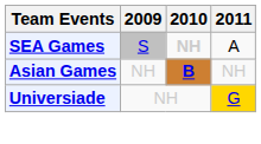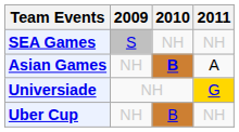 <table class="wikitable" style="font-size: 90%; text-align:center">
 <tr>
 <th>Team Events</th>
 <th>2009</th>
 <th>2010</th>
 <th>2011</th>
 </tr>
 <tr>
 <td bgcolor="#ECF2FF"; align="left"><strong><a href='#'>SEA Games</a></strong></td>
 <td bgcolor=silver><a href='#'>S</a></td>
-<td style="color:#ccc;"><strong>NH</strong></td>
-<td>A</td>
+<td style="color:#ccc;">NH</td>
+<td style="color:#ccc;">NH</td>
 </tr>
 <tr>
 <td bgcolor="#ECF2FF"; align="left"><strong><a href='#'>Asian Games</a></strong></td>
 <td style="color:#ccc;">NH</td>
 <td bgcolor=CD7F32><strong><a href='#'>B</a></strong></td>
-<td style="color:#ccc;">NH</td>
+<td>A</td>
 </tr>
 <tr>
 <td bgcolor="#ECF2FF"; align="left"><strong><a href='#'>Universiade</a></strong></td>
 <td colspan="2" style=color:#ccc>NH</td>
 <td bgcolor=gold><a href='#'>G</a></td>
 </tr>
+<tr>
+<td bgcolor="#ECF2FF"; align="left"><strong><a href='#'>Uber Cup</a></strong></td>
+<td style="color:#ccc;">NH</td>
+<td bgcolor=CD7F32><a href='#'>B</a></td>
+<td style="color:#ccc;">NH</td>
+</tr>
 </table>
